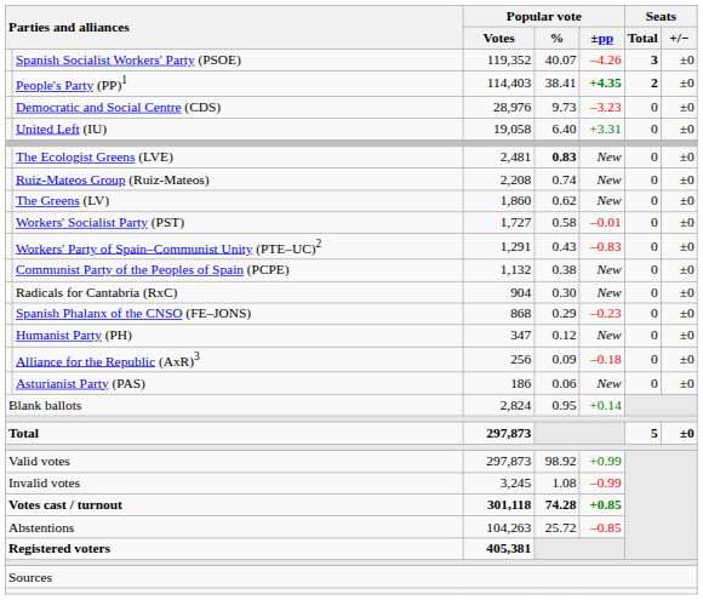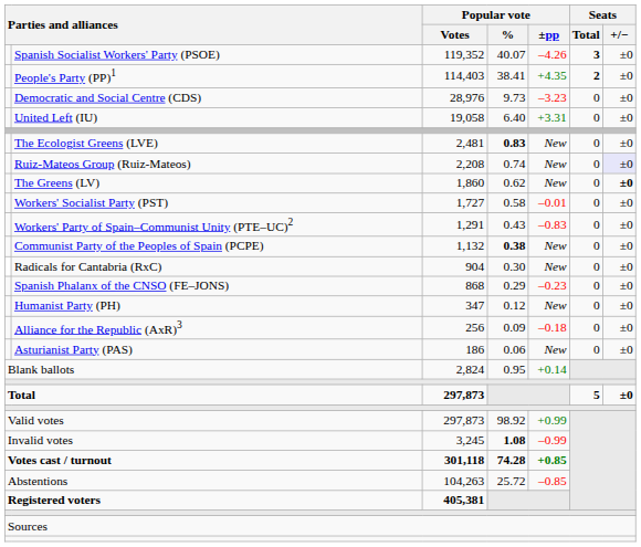 <table class="wikitable" style="text-align:right;">
 <tr>
 <th style="text-align:left;" rowspan="2" colspan="2" width="525">Parties and alliances</th>
 <th colspan="3">Popular vote</th>
 <th colspan="2">Seats</th>
 </tr>
 <tr>
 <th width="75">Votes</th>
 <th width="45">%</th>
 <th width="45">±<a href='#'>pp</a></th>
 <th width="35">Total</th>
 <th width="35">+/−</th>
 </tr>
 <tr>
 <td width="1" style="color:inherit;background:"></td>
 <td align="left"><a href='#'>Spanish Socialist Workers' Party</a> (PSOE)</td>
 <td>119,352</td>
 <td>40.07</td>
 <td style="color:red;">–4.26</td>
 <td><strong>3</strong></td>
 <td>±0</td>
 </tr>
 <tr>
 <td style="color:inherit;background:"></td>
 <td align="left"><a href='#'>People's Party</a> (PP)<sup>1</sup></td>
 <td>114,403</td>
 <td>38.41</td>
-<td style="color:green;"><strong>+4.35</strong></td>
+<td style="color:green;">+4.35</td>
 <td><strong>2</strong></td>
 <td>±0</td>
 </tr>
 <tr>
 <td style="color:inherit;background:"></td>
 <td align="left"><a href='#'>Democratic and Social Centre</a> (CDS)</td>
 <td>28,976</td>
 <td>9.73</td>
 <td style="color:red;">–3.23</td>
 <td>0</td>
 <td>±0</td>
 </tr>
 <tr>
 <td style="color:inherit;background:"></td>
 <td align="left"><a href='#'>United Left</a> (IU)</td>
 <td>19,058</td>
 <td>6.40</td>
 <td style="color:green;">+3.31</td>
 <td>0</td>
 <td>±0</td>
 </tr>
 <tr>
 <td colspan="7" bgcolor="#C0C0C0"></td>
 </tr>
 <tr>
 <td style="color:inherit;background:"></td>
 <td align="left"><a href='#'>The Ecologist Greens</a> (LVE)</td>
 <td>2,481</td>
 <td><strong>0.83</strong></td>
 <td><em>New</em></td>
 <td>0</td>
 <td>±0</td>
 </tr>
 <tr>
 <td style="color:inherit;background:"></td>
 <td align="left"><a href='#'>Ruiz-Mateos Group</a> (Ruiz-Mateos)</td>
 <td>2,208</td>
 <td>0.74</td>
 <td><em>New</em></td>
 <td>0</td>
-<td>±0</td>
+<td style="background: lavender;">±0</td>
 </tr>
 <tr>
 <td style="color:inherit;background:"></td>
 <td align="left"><a href='#'>The Greens</a> (LV)</td>
 <td>1,860</td>
 <td>0.62</td>
 <td><em>New</em></td>
 <td>0</td>
-<td>±0</td>
+<td><strong>±0</strong></td>
 </tr>
 <tr>
 <td style="color:inherit;background:"></td>
 <td align="left"><a href='#'>Workers' Socialist Party</a> (PST)</td>
 <td>1,727</td>
 <td>0.58</td>
 <td style="color:red;">–0.01</td>
 <td>0</td>
 <td>±0</td>
 </tr>
 <tr>
 <td style="color:inherit;background:"></td>
 <td align="left"><a href='#'>Workers' Party of Spain–Communist Unity</a> (PTE–UC)<sup>2</sup></td>
 <td>1,291</td>
 <td>0.43</td>
 <td style="color:red;">–0.83</td>
 <td>0</td>
 <td>±0</td>
 </tr>
 <tr>
 <td style="color:inherit;background:"></td>
 <td align="left"><a href='#'>Communist Party of the Peoples of Spain</a> (PCPE)</td>
 <td>1,132</td>
-<td>0.38</td>
+<td><strong>0.38</strong></td>
 <td><em>New</em></td>
 <td>0</td>
 <td>±0</td>
 </tr>
 <tr>
 <td bgcolor="white"></td>
 <td align="left">Radicals for Cantabria (RxC)</td>
 <td>904</td>
 <td>0.30</td>
 <td><em>New</em></td>
 <td>0</td>
 <td>±0</td>
 </tr>
 <tr>
 <td style="color:inherit;background:"></td>
 <td align="left"><a href='#'>Spanish Phalanx of the CNSO</a> (FE–JONS)</td>
 <td>868</td>
 <td>0.29</td>
 <td style="color:red;">–0.23</td>
 <td>0</td>
 <td>±0</td>
 </tr>
 <tr>
 <td style="color:inherit;background:"></td>
 <td align="left"><a href='#'>Humanist Party</a> (PH)</td>
 <td>347</td>
 <td>0.12</td>
 <td><em>New</em></td>
 <td>0</td>
 <td>±0</td>
 </tr>
 <tr>
 <td style="color:inherit;background:"></td>
 <td align="left"><a href='#'>Alliance for the Republic</a> (AxR)<sup>3</sup></td>
 <td>256</td>
 <td>0.09</td>
 <td style="color:red;">–0.18</td>
 <td>0</td>
 <td>±0</td>
 </tr>
 <tr>
 <td style="color:inherit;background:"></td>
 <td align="left"><a href='#'>Asturianist Party</a> (PAS)</td>
 <td>186</td>
 <td>0.06</td>
 <td><em>New</em></td>
 <td>0</td>
 <td>±0</td>
 </tr>
 <tr>
 <td align="left" colspan="2">Blank ballots</td>
 <td>2,824</td>
 <td>0.95</td>
 <td style="color:green;">+0.14</td>
 <td bgcolor="#E9E9E9" colspan="2"></td>
 </tr>
 <tr>
 <td colspan="7" bgcolor="#E9E9E9"></td>
 </tr>
 <tr style="font-weight:bold;">
 <td align="left" colspan="2">Total</td>
 <td>297,873</td>
 <td bgcolor="#E9E9E9" colspan="2"></td>
 <td>5</td>
 <td>±0</td>
 </tr>
 <tr>
 <td colspan="7" bgcolor="#E9E9E9"></td>
 </tr>
 <tr>
 <td align="left" colspan="2">Valid votes</td>
 <td>297,873</td>
 <td>98.92</td>
 <td style="color:green;">+0.99</td>
 <td bgcolor="#E9E9E9" colspan="2" rowspan="5"></td>
 </tr>
 <tr>
 <td align="left" colspan="2">Invalid votes</td>
 <td>3,245</td>
-<td>1.08</td>
+<td><strong>1.08</strong></td>
 <td style="color:red;">–0.99</td>
 </tr>
 <tr style="font-weight:bold;">
 <td align="left" colspan="2">Votes cast / turnout</td>
 <td>301,118</td>
 <td>74.28</td>
 <td style="color:green;">+0.85</td>
 </tr>
 <tr>
 <td align="left" colspan="2">Abstentions</td>
 <td>104,263</td>
 <td>25.72</td>
 <td style="color:red;">–0.85</td>
 </tr>
 <tr style="font-weight:bold;">
 <td align="left" colspan="2">Registered voters</td>
 <td>405,381</td>
 <td bgcolor="#E9E9E9" colspan="2"></td>
 </tr>
 <tr>
 <td colspan="7" bgcolor="#E9E9E9"></td>
 </tr>
 <tr>
 <td align="left" colspan="7">Sources</td>
 </tr>
 <tr>
 <td colspan="7" style="text-align:left; max-width:790px;"></td>
 </tr>
 </table>
